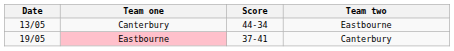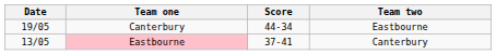 <table class="wikitable" style="text-align: center">
 <tr>
 <th width=80>Date</th>
 <th width=250>Team one</th>
 <th width=80>Score</th>
 <th width=250>Team two</th>
 </tr>
 <tr>
-<td>13/05</td>
+<td>19/05</td>
 <td>Canterbury</td>
 <td>44-34</td>
 <td>Eastbourne</td>
 </tr>
 <tr>
-<td>19/05</td>
+<td>13/05</td>
 <td style="background: pink;">Eastbourne</td>
 <td>37-41</td>
 <td>Canterbury</td>
 </tr>
 </table>
